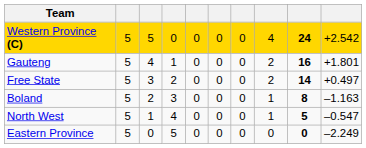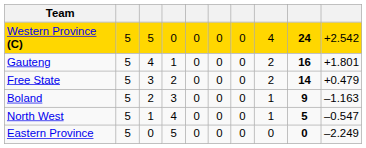 <table class="wikitable" style="text-align:center">
 <tr>
 <th width="150">Team</th>
 <th width="25"></th>
 <th width="25"></th>
 <th width="25"></th>
 <th width="25"></th>
 <th width="25"></th>
 <th width="25"></th>
 <th width="40"></th>
 <th width="40"></th>
 <th width="45"></th>
 </tr>
 <tr style="background:gold">
 <td style="text-align:left"><a href='#'>Western Province</a> <strong>(C)</strong></td>
 <td>5</td>
 <td>5</td>
 <td>0</td>
 <td>0</td>
 <td>0</td>
 <td>0</td>
 <td>4</td>
 <td><strong>24</strong></td>
 <td>+2.542</td>
 </tr>
 <tr>
 <td style="text-align:left"><a href='#'>Gauteng</a></td>
 <td>5</td>
 <td>4</td>
 <td>1</td>
 <td>0</td>
 <td>0</td>
 <td>0</td>
 <td>2</td>
 <td><strong>16</strong></td>
 <td>+1.801</td>
 </tr>
 <tr>
 <td style="text-align:left"><a href='#'>Free State</a></td>
 <td>5</td>
 <td>3</td>
 <td>2</td>
 <td>0</td>
 <td>0</td>
 <td>0</td>
 <td>2</td>
 <td><strong>14</strong></td>
-<td>+0.497</td>
+<td>+0.479</td>
 </tr>
 <tr>
 <td style="text-align:left"><a href='#'>Boland</a></td>
 <td>5</td>
 <td>2</td>
 <td>3</td>
 <td>0</td>
 <td>0</td>
 <td>0</td>
 <td>1</td>
-<td><strong>8</strong></td>
+<td><strong>9</strong></td>
 <td>–1.163</td>
 </tr>
 <tr>
 <td style="text-align:left"><a href='#'>North West</a></td>
 <td>5</td>
 <td>1</td>
 <td>4</td>
 <td>0</td>
 <td>0</td>
 <td>0</td>
 <td>1</td>
 <td><strong>5</strong></td>
 <td>–0.547</td>
 </tr>
 <tr>
 <td style="text-align:left"><a href='#'>Eastern Province</a></td>
 <td>5</td>
 <td>0</td>
 <td>5</td>
 <td>0</td>
 <td>0</td>
 <td>0</td>
 <td>0</td>
 <td><strong>0</strong></td>
 <td>–2.249</td>
 </tr>
 </table>
